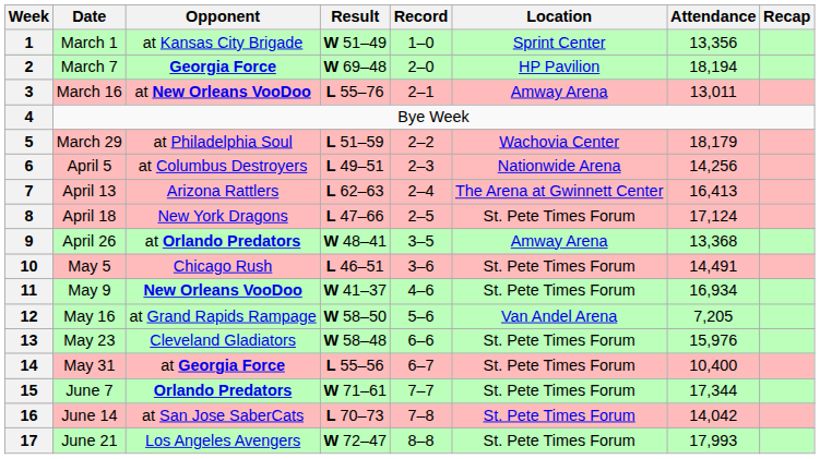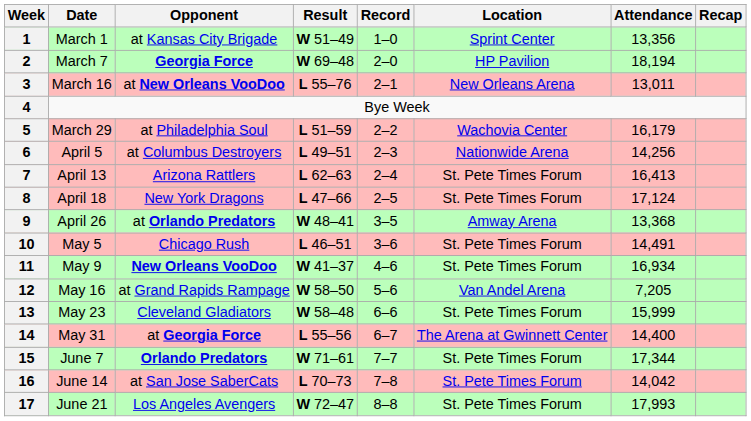 <table class="wikitable" style="text-align:center">
 <tr>
 <th>Week</th>
 <th>Date</th>
 <th>Opponent</th>
 <th>Result</th>
 <th>Record</th>
 <th>Location</th>
 <th>Attendance</th>
 <th>Recap</th>
 </tr>
 <tr bgcolor="#bbffbb">
 <th>1</th>
 <td>March 1</td>
 <td>at <a href='#'>Kansas City Brigade</a></td>
 <td><strong>W</strong> 51–49</td>
 <td>1–0</td>
 <td><a href='#'>Sprint Center</a></td>
 <td>13,356</td>
 <td></td>
 </tr>
 <tr bgcolor="#bbffbb">
 <th>2</th>
 <td>March 7</td>
 <td><strong><a href='#'>Georgia Force</a></strong></td>
 <td><strong>W</strong> 69–48</td>
 <td>2–0</td>
 <td><a href='#'>HP Pavilion</a></td>
 <td>18,194</td>
 <td></td>
 </tr>
 <tr bgcolor="#ffbbbb">
 <th>3</th>
 <td>March 16</td>
 <td>at <strong><a href='#'>New Orleans VooDoo</a></strong></td>
 <td><strong>L</strong> 55–76</td>
 <td>2–1</td>
-<td><a href='#'>Amway Arena</a></td>
+<td><a href='#'>New Orleans Arena</a></td>
 <td>13,011</td>
 <td></td>
 </tr>
 <tr>
 <th>4</th>
 <td colspan=7>Bye Week</td>
 </tr>
 <tr bgcolor="#ffbbbb">
 <th>5</th>
 <td>March 29</td>
 <td>at <a href='#'>Philadelphia Soul</a></td>
 <td><strong>L</strong> 51–59</td>
 <td>2–2</td>
 <td><a href='#'>Wachovia Center</a></td>
-<td>18,179</td>
+<td>16,179</td>
 <td></td>
 </tr>
 <tr bgcolor="#ffbbbb">
 <th>6</th>
 <td>April 5</td>
 <td>at <a href='#'>Columbus Destroyers</a></td>
 <td><strong>L</strong> 49–51</td>
 <td>2–3</td>
 <td><a href='#'>Nationwide Arena</a></td>
 <td>14,256</td>
 <td></td>
 </tr>
 <tr bgcolor="#ffbbbb">
 <th>7</th>
 <td>April 13</td>
 <td><a href='#'>Arizona Rattlers</a></td>
 <td><strong>L</strong> 62–63</td>
 <td>2–4</td>
-<td><a href='#'>The Arena at Gwinnett Center</a></td>
+<td>St. Pete Times Forum</td>
 <td>16,413</td>
 <td></td>
 </tr>
 <tr bgcolor="#ffbbbb">
 <th>8</th>
 <td>April 18</td>
 <td><a href='#'>New York Dragons</a></td>
 <td><strong>L</strong> 47–66</td>
 <td>2–5</td>
 <td>St. Pete Times Forum</td>
 <td>17,124</td>
 <td></td>
 </tr>
 <tr bgcolor="#bbffbb">
 <th>9</th>
 <td>April 26</td>
 <td>at <strong><a href='#'>Orlando Predators</a></strong></td>
 <td><strong>W</strong> 48–41</td>
 <td>3–5</td>
 <td><a href='#'>Amway Arena</a></td>
 <td>13,368</td>
 <td></td>
 </tr>
 <tr bgcolor="#ffbbbb">
 <th>10</th>
 <td>May 5</td>
 <td><a href='#'>Chicago Rush</a></td>
 <td><strong>L</strong> 46–51</td>
 <td>3–6</td>
 <td>St. Pete Times Forum</td>
 <td>14,491</td>
 <td></td>
 </tr>
 <tr bgcolor="#bbffbb">
 <th>11</th>
 <td>May 9</td>
 <td><strong><a href='#'>New Orleans VooDoo</a></strong></td>
 <td><strong>W</strong> 41–37</td>
 <td>4–6</td>
 <td>St. Pete Times Forum</td>
 <td>16,934</td>
 <td></td>
 </tr>
 <tr bgcolor="#bbffbb">
 <th>12</th>
 <td>May 16</td>
 <td>at <a href='#'>Grand Rapids Rampage</a></td>
 <td><strong>W</strong> 58–50</td>
 <td>5–6</td>
 <td><a href='#'>Van Andel Arena</a></td>
 <td>7,205</td>
 <td></td>
 </tr>
 <tr bgcolor="#bbffbb">
 <th>13</th>
 <td>May 23</td>
 <td><a href='#'>Cleveland Gladiators</a></td>
 <td><strong>W</strong> 58–48</td>
 <td>6–6</td>
 <td>St. Pete Times Forum</td>
-<td>15,976</td>
+<td>15,999</td>
 <td></td>
 </tr>
 <tr bgcolor="#ffbbbb">
 <th>14</th>
 <td>May 31</td>
 <td>at <strong><a href='#'>Georgia Force</a></strong></td>
 <td><strong>L</strong> 55–56</td>
 <td>6–7</td>
-<td>St. Pete Times Forum</td>
-<td>10,400</td>
+<td><a href='#'>The Arena at Gwinnett Center</a></td>
+<td>14,400</td>
 <td></td>
 </tr>
 <tr bgcolor="#bbffbb">
 <th>15</th>
 <td>June 7</td>
 <td><strong><a href='#'>Orlando Predators</a></strong></td>
 <td><strong>W</strong> 71–61</td>
 <td>7–7</td>
 <td>St. Pete Times Forum</td>
 <td>17,344</td>
 <td></td>
 </tr>
 <tr bgcolor="#ffbbbb">
 <th>16</th>
 <td>June 14</td>
 <td>at <a href='#'>San Jose SaberCats</a></td>
 <td><strong>L</strong> 70–73</td>
 <td>7–8</td>
 <td><a href='#'>St. Pete Times Forum</a></td>
 <td>14,042</td>
 <td></td>
 </tr>
 <tr bgcolor="#bbffbb">
 <th>17</th>
 <td>June 21</td>
 <td><a href='#'>Los Angeles Avengers</a></td>
 <td><strong>W</strong> 72–47</td>
 <td>8–8</td>
 <td>St. Pete Times Forum</td>
 <td>17,993</td>
 <td></td>
 </tr>
 </table>
